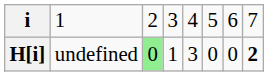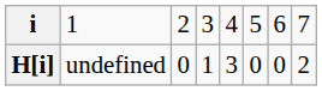 <table class="wikitable">
 <tr>
 <th>i</th>
 <td>1</td>
 <td>2</td>
 <td>3</td>
 <td>4</td>
 <td>5</td>
 <td>6</td>
 <td>7</td>
 </tr>
 <tr>
 <th>H[i]</th>
 <td>undefined</td>
-<td style="background: lightgreen;">0</td>
+<td>0</td>
 <td>1</td>
 <td>3</td>
 <td>0</td>
 <td>0</td>
-<td><strong>2</strong></td>
+<td>2</td>
 </tr>
 </table>
